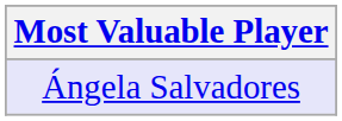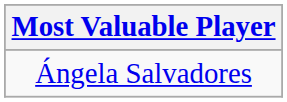 <table class=wikitable style="text-align:center">
 <tr>
 <th><a href='#'>Most Valuable Player</a></th>
 </tr>
 <tr>
-<td style="background: lavender;"> <a href='#'>Ángela Salvadores</a></td>
+<td> <a href='#'>Ángela Salvadores</a></td>
 </tr>
 </table>
